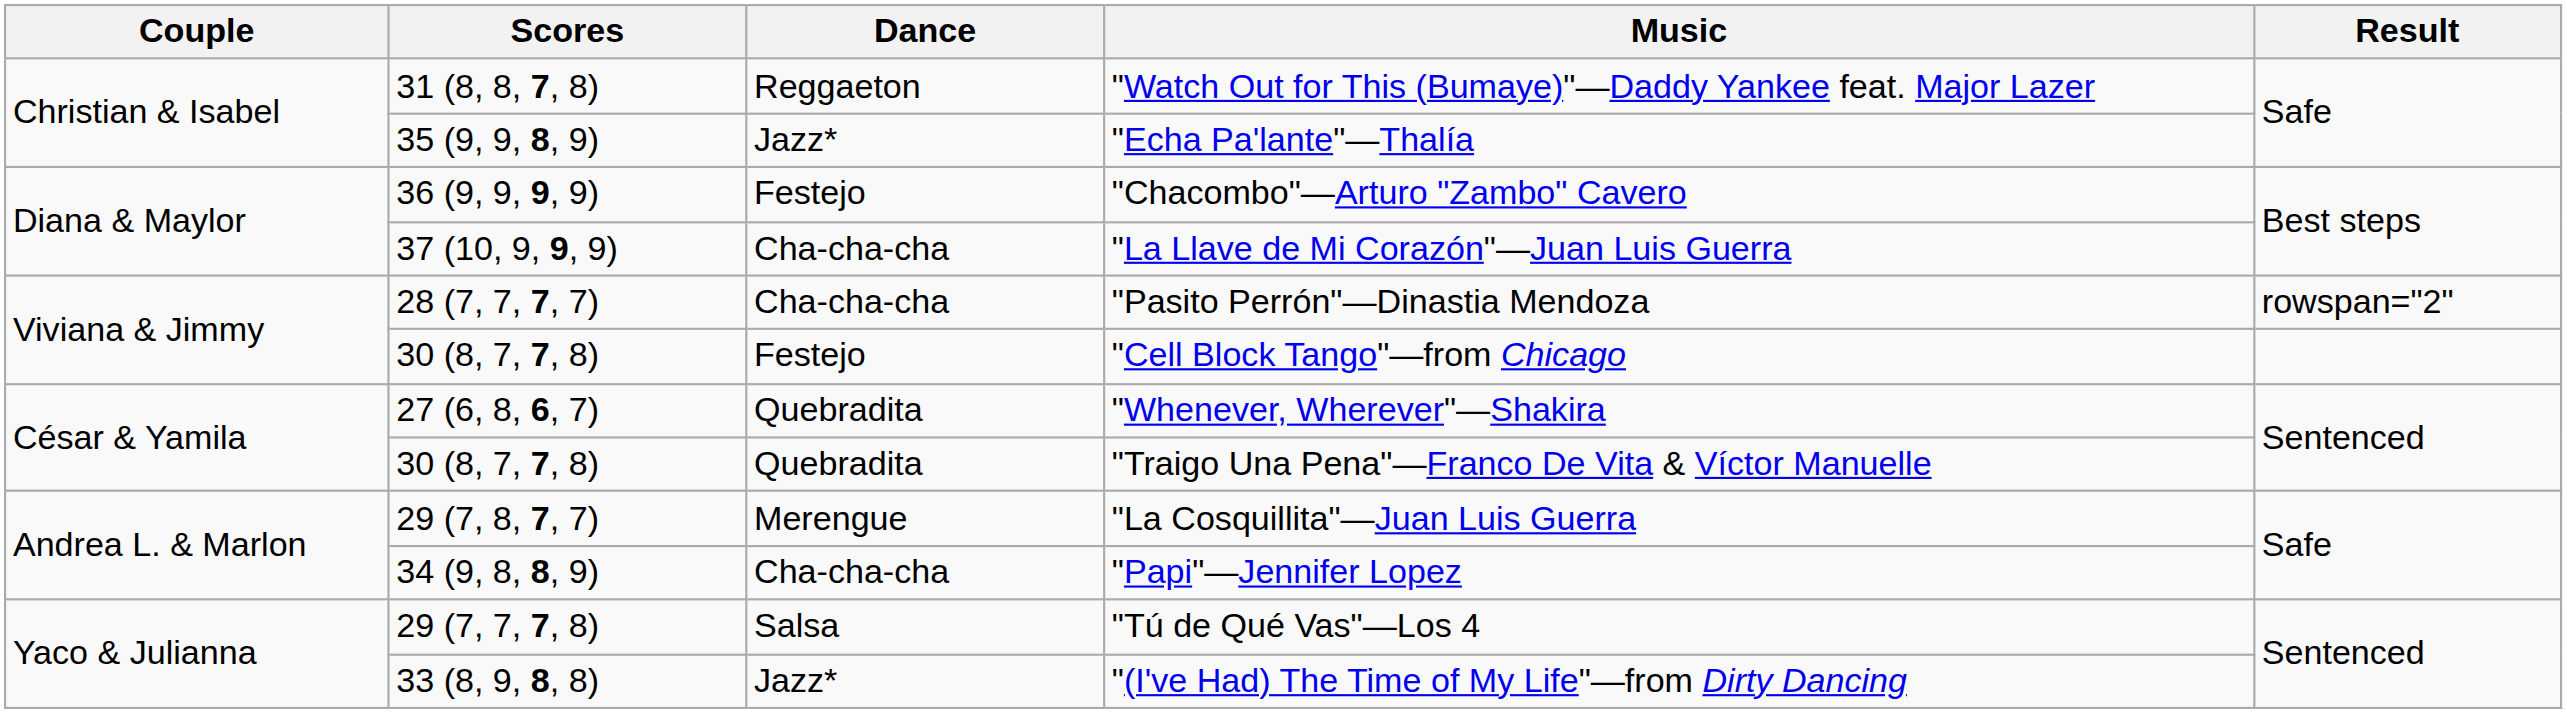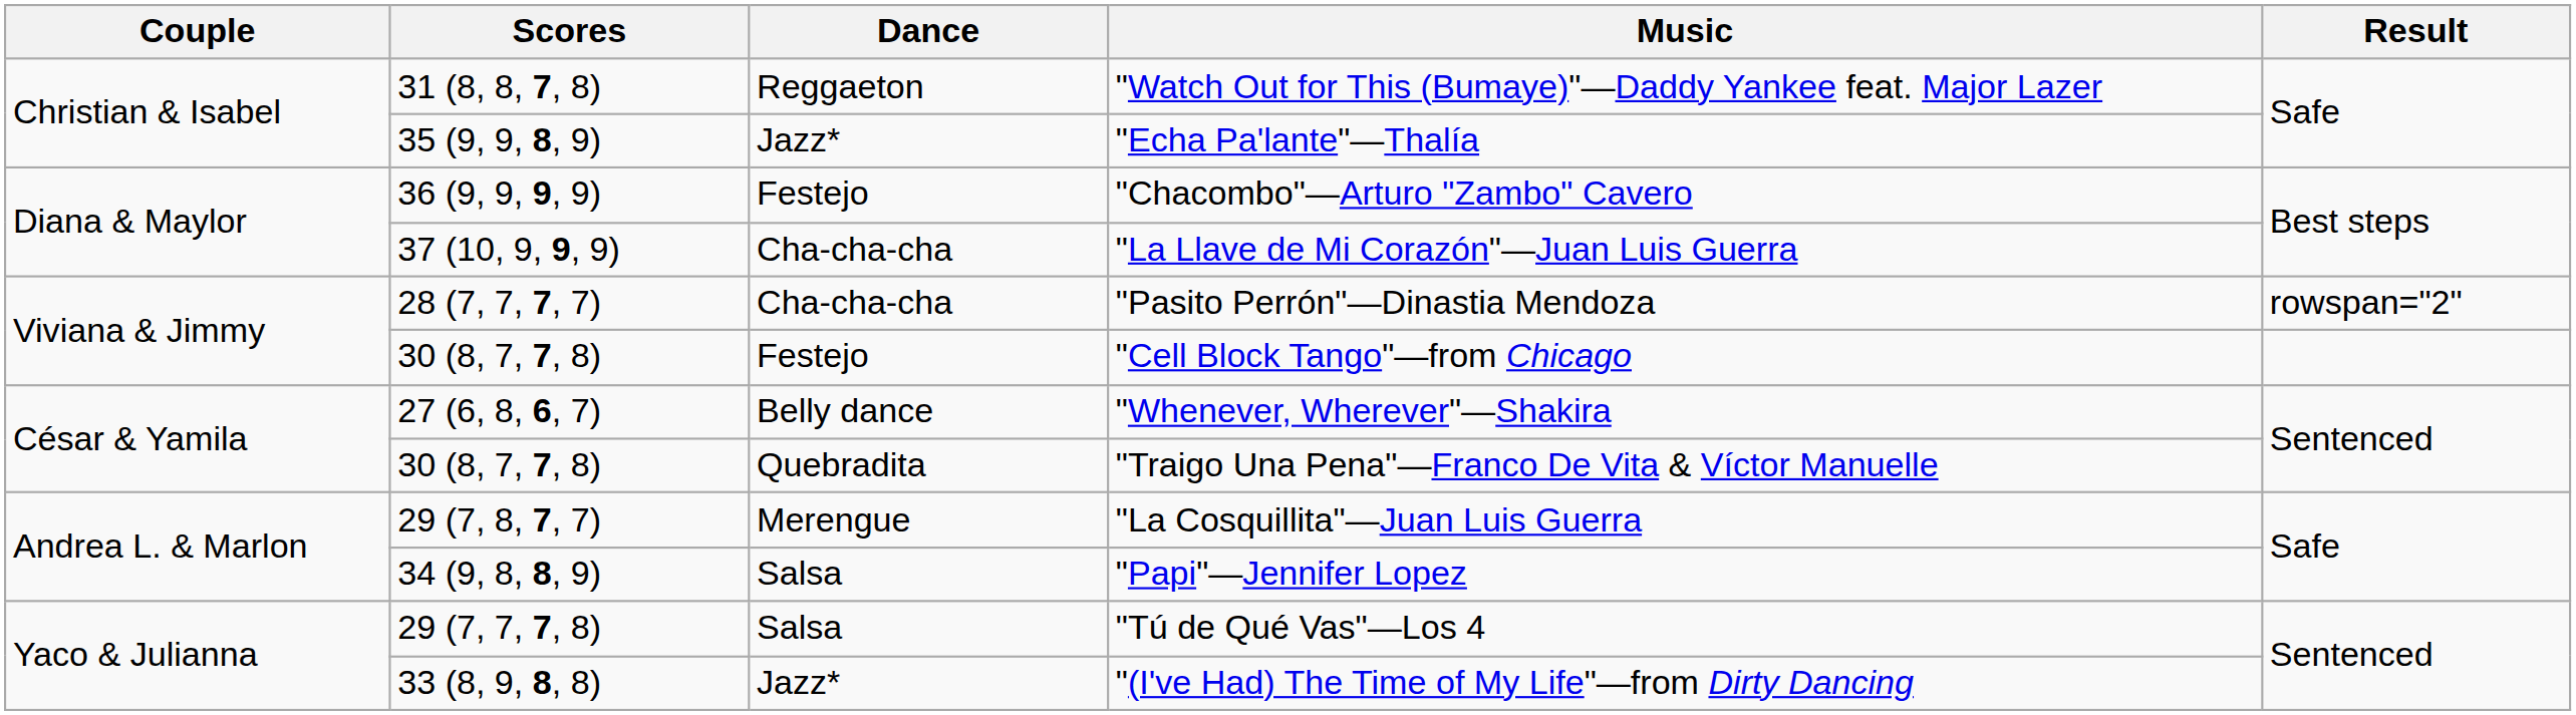 <table class="wikitable sortable" style="width:95%;">
 <tr>
 <th style="width:15%;">Couple<br></th>
 <th style="width:14%;">Scores</th>
 <th style="width:14%;">Dance</th>
 <th style="width:45%;">Music</th>
 <th style="width:15%;">Result</th>
 </tr>
 <tr>
 <td rowspan="2">Christian & Isabel<br></td>
 <td>31 (8, 8, <strong>7</strong>, 8)</td>
 <td>Reggaeton</td>
 <td>"<a href='#'>Watch Out for This (Bumaye)</a>"—<a href='#'>Daddy Yankee</a> feat. <a href='#'>Major Lazer</a></td>
 <td rowspan="2">Safe</td>
 </tr>
 <tr>
 <td>35 (9, 9, <strong>8</strong>, 9)</td>
 <td>Jazz*</td>
 <td>"<a href='#'>Echa Pa'lante</a>"—<a href='#'>Thalía</a></td>
 </tr>
 <tr>
 <td rowspan="2">Diana & Maylor<br></td>
 <td>36 (9, 9, <strong>9</strong>, 9)</td>
 <td>Festejo</td>
 <td>"Chacombo"—<a href='#'>Arturo "Zambo" Cavero</a></td>
 <td rowspan="2">Best steps</td>
 </tr>
 <tr>
 <td>37 (10, 9, <strong>9</strong>, 9)</td>
 <td>Cha-cha-cha</td>
 <td>"<a href='#'>La Llave de Mi Corazón</a>"—<a href='#'>Juan Luis Guerra</a></td>
 </tr>
 <tr>
 <td rowspan="2">Viviana & Jimmy</td>
 <td>28 (7, 7, <strong>7</strong>, 7)</td>
 <td>Cha-cha-cha</td>
 <td>"Pasito Perrón"—Dinastia Mendoza</td>
 <td>rowspan="2" </td>
 </tr>
 <tr>
 <td>30 (8, 7, <strong>7</strong>, 8)</td>
 <td>Festejo</td>
 <td>"<a href='#'>Cell Block Tango</a>"—from <em><a href='#'>Chicago</a></em></td>
 </tr>
 <tr>
 <td rowspan="2">César & Yamila<br></td>
 <td>27 (6, 8, <strong>6</strong>, 7)</td>
-<td>Quebradita</td>
+<td>Belly dance</td>
 <td>"<a href='#'>Whenever, Wherever</a>"—<a href='#'>Shakira</a></td>
 <td rowspan="2">Sentenced</td>
 </tr>
 <tr>
 <td>30 (8, 7, <strong>7</strong>, 8)</td>
 <td>Quebradita</td>
 <td>"Traigo Una Pena"—<a href='#'>Franco De Vita</a> & <a href='#'>Víctor Manuelle</a></td>
 </tr>
 <tr>
 <td rowspan="2">Andrea L. & Marlon<br></td>
 <td>29 (7, 8, <strong>7</strong>, 7)</td>
 <td>Merengue</td>
 <td>"La Cosquillita"—<a href='#'>Juan Luis Guerra</a></td>
 <td rowspan="2">Safe</td>
 </tr>
 <tr>
 <td>34 (9, 8, <strong>8</strong>, 9)</td>
-<td>Cha-cha-cha</td>
+<td>Salsa</td>
 <td>"<a href='#'>Papi</a>"—<a href='#'>Jennifer Lopez</a></td>
 </tr>
 <tr>
 <td rowspan="2">Yaco & Julianna</td>
 <td>29 (7, 7, <strong>7</strong>, 8)</td>
 <td>Salsa</td>
 <td>"Tú de Qué Vas"—Los 4</td>
 <td rowspan="2">Sentenced</td>
 </tr>
 <tr>
 <td>33 (8, 9, <strong>8</strong>, 8)</td>
 <td>Jazz*</td>
 <td>"<a href='#'>(I've Had) The Time of My Life</a>"—from <em><a href='#'>Dirty Dancing</a></em></td>
 </tr>
 </table>
